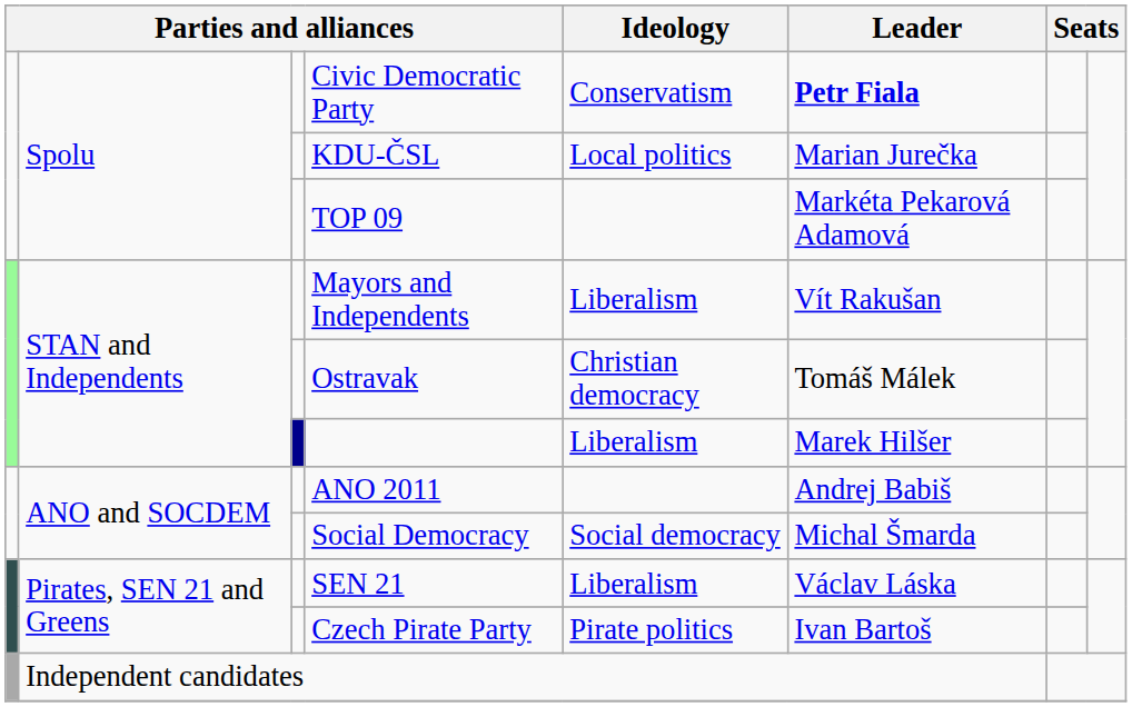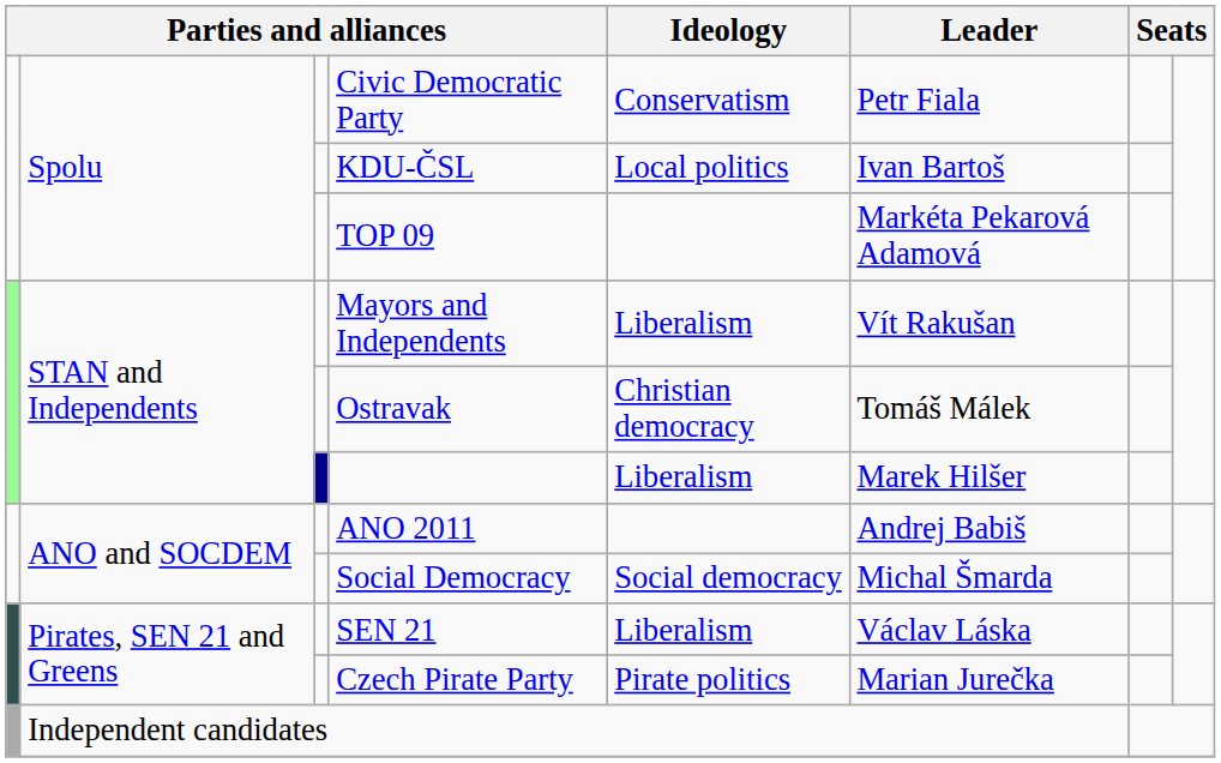 <table class="wikitable">
 <tr>
 <th colspan=4>Parties and alliances</th>
 <th>Ideology</th>
 <th>Leader</th>
 <th colspan=2>Seats</th>
 </tr>
 <tr>
 <td rowspan="3"></td>
 <td rowspan="3"><a href='#'>Spolu</a></td>
 <td style="background:"></td>
 <td><a href='#'>Civic Democratic Party</a></td>
 <td><a href='#'>Conservatism</a></td>
-<td><strong><a href='#'>Petr Fiala</a></strong></td>
+<td><a href='#'>Petr Fiala</a></td>
 <td></td>
 <td rowspan="3"></td>
 </tr>
 <tr>
 <td style="background:"></td>
 <td><a href='#'>KDU-ČSL</a></td>
 <td><a href='#'>Local politics</a></td>
-<td><a href='#'>Marian Jurečka</a></td>
+<td><a href='#'>Ivan Bartoš</a></td>
 <td></td>
 </tr>
 <tr>
 <td style="background:"></td>
 <td><a href='#'>TOP 09</a></td>
 <td></td>
 <td><a href='#'>Markéta Pekarová Adamová</a></td>
 <td></td>
 </tr>
 <tr>
 <td rowspan="3" bgcolor="PaleGreen"></td>
 <td rowspan="3"><a href='#'>STAN</a> and <a href='#'>Independents</a></td>
 <td style="background:"></td>
 <td><a href='#'>Mayors and Independents</a></td>
 <td><a href='#'>Liberalism</a></td>
 <td><a href='#'>Vít Rakušan</a></td>
 <td></td>
 <td rowspan="3"></td>
 </tr>
 <tr>
 <td style="background:"></td>
 <td><a href='#'>Ostravak</a></td>
 <td><a href='#'>Christian democracy</a></td>
 <td>Tomáš Málek</td>
 <td></td>
 </tr>
 <tr>
 <td style="background:darkblue"></td>
 <td></td>
 <td><a href='#'>Liberalism</a></td>
 <td><a href='#'>Marek Hilšer</a></td>
 <td></td>
 </tr>
 <tr>
 <td rowspan="2" style="background:"></td>
 <td rowspan="2"><a href='#'>ANO</a> and <a href='#'>SOCDEM</a></td>
 <td style="background:"></td>
 <td><a href='#'>ANO 2011</a></td>
 <td></td>
 <td><a href='#'>Andrej Babiš</a></td>
 <td></td>
 <td rowspan="2"></td>
 </tr>
 <tr>
 <td style="background:"></td>
 <td><a href='#'>Social Democracy</a></td>
 <td><a href='#'>Social democracy</a></td>
 <td><a href='#'>Michal Šmarda</a></td>
 <td></td>
 </tr>
 <tr>
 <td rowspan="2" style="background: DarkSlateGray"></td>
 <td rowspan="2"><a href='#'>Pirates</a>, <a href='#'>SEN 21</a> and <a href='#'>Greens</a></td>
 <td style="background:"></td>
 <td><a href='#'>SEN 21</a></td>
 <td><a href='#'>Liberalism</a></td>
 <td><a href='#'>Václav Láska</a></td>
 <td></td>
 <td rowspan="2"></td>
 </tr>
 <tr>
 <td style="background:"></td>
 <td><a href='#'>Czech Pirate Party</a></td>
 <td><a href='#'>Pirate politics</a></td>
-<td><a href='#'>Ivan Bartoš</a></td>
+<td><a href='#'>Marian Jurečka</a></td>
 <td></td>
 </tr>
 <tr>
 <td style="background:darkgrey"></td>
 <td colspan="5">Independent candidates</td>
 <td colspan="2"></td>
 </tr>
 <tr>
 </tr>
 </table>
